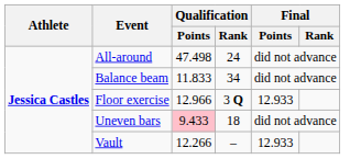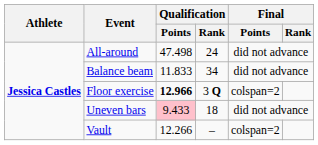 <table class="wikitable" style="font-size:90%">
 <tr>
 <th rowspan="2">Athlete</th>
 <th rowspan="2">Event</th>
 <th colspan=2>Qualification</th>
 <th colspan=2>Final</th>
 </tr>
 <tr style="font-size:95%">
 <th>Points</th>
 <th>Rank</th>
 <th>Points</th>
 <th>Rank</th>
 </tr>
 <tr align=center>
 <td align=left rowspan=5><strong><a href='#'>Jessica Castles</a></strong></td>
 <td align=left><a href='#'>All-around</a></td>
 <td>47.498</td>
 <td>24</td>
 <td colspan=2>did not advance</td>
 </tr>
 <tr align=center>
 <td align=left><a href='#'>Balance beam</a></td>
 <td>11.833</td>
 <td>34</td>
 <td colspan=2>did not advance</td>
 </tr>
 <tr align=center>
 <td align=left><a href='#'>Floor exercise</a></td>
-<td>12.966</td>
+<td><strong>12.966</strong></td>
 <td>3 <strong>Q</strong></td>
-<td>12.933</td>
+<td>colspan=2 </td>
 <td></td>
 </tr>
 <tr align=center>
 <td align=left><a href='#'>Uneven bars</a></td>
 <td style="background: pink;">9.433</td>
 <td>18</td>
 <td colspan=2>did not advance</td>
 </tr>
 <tr align=center>
 <td align=left><a href='#'>Vault</a></td>
 <td>12.266</td>
 <td>–</td>
-<td>12.933</td>
+<td>colspan=2 </td>
 </tr>
 </table>
